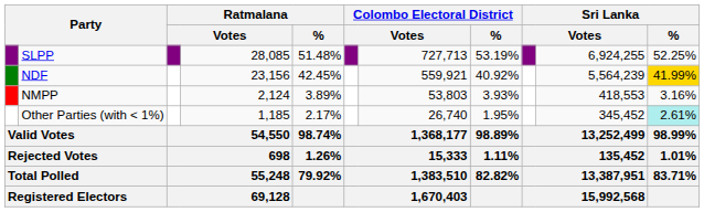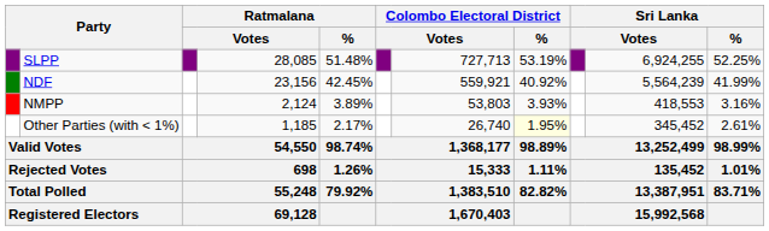 <table class="wikitable">
 <tr>
 <th colspan="2" width="144px"rowspan="2">Party</th>
 <th colspan="3" width="216px">Ratmalana</th>
 <th colspan="3" width="216px"><a href='#'>Colombo Electoral District</a></th>
 <th colspan="3" width="216px">Sri Lanka</th>
 </tr>
 <tr>
 <th colspan="2" width="144px">Votes</th>
 <th>%</th>
 <th colspan="2" width="144px">Votes</th>
 <th>%</th>
 <th colspan="2" width="144px">Votes</th>
 <th>%</th>
 </tr>
 <tr>
 <td style="background-color:purple;" width="10px"></td>
 <td style="text-align:left;"><a href='#'>SLPP</a></td>
 <td style="background-color:purple;" width="10px"></td>
 <td style="text-align:right;">28,085</td>
 <td style="text-align:right;">51.48%</td>
 <td style="background-color:purple;" width="10px"></td>
 <td style="text-align:right;">727,713</td>
 <td style="text-align:right;">53.19%</td>
 <td style="background-color:purple;" width="10px"></td>
 <td style="text-align:right;">6,924,255</td>
 <td style="text-align:right;">52.25%</td>
 </tr>
 <tr>
 <td style="background-color:green;" width="10px"></td>
 <td style="text-align:left;"><a href='#'>NDF</a></td>
 <td style="background-color:white;" width="10px"></td>
 <td style="text-align:right;">23,156</td>
 <td style="text-align:right;">42.45%</td>
 <td style="background-color:white;" width="10px"></td>
 <td style="text-align:right;">559,921</td>
 <td style="text-align:right;">40.92%</td>
 <td style="background-color:white;" width="10px"></td>
 <td style="text-align:right;">5,564,239</td>
-<td style="background: gold; text-align:right;">41.99%</td>
+<td style="text-align:right;">41.99%</td>
 </tr>
 <tr>
 <td style="background-color:red;" width="10px"></td>
 <td style="text-align:left;">NMPP</td>
 <td style="background-color:white;" width="10px"></td>
 <td style="text-align:right;">2,124</td>
 <td style="text-align:right;">3.89%</td>
 <td style="background-color:white;" width="10px"></td>
 <td style="text-align:right;">53,803</td>
 <td style="text-align:right;">3.93%</td>
 <td style="background-color:white;" width="10px"></td>
 <td style="text-align:right;">418,553</td>
 <td style="text-align:right;">3.16%</td>
 </tr>
 <tr>
 <td style="background-color:white;" width="10px"></td>
 <td style="text-align:left;">Other Parties (with < 1%)</td>
 <td style="background-color:white;" width="10px"></td>
 <td style="text-align:right;">1,185</td>
 <td style="text-align:right;">2.17%</td>
 <td style="background-color:white;" width="10px"></td>
 <td style="text-align:right;">26,740</td>
-<td style="text-align:right;">1.95%</td>
+<td style="background: lightyellow; text-align:right;">1.95%</td>
 <td style="background-color:white;" width="10px"></td>
 <td style="text-align:right;">345,452</td>
-<td style="background: paleturquoise; text-align:right;">2.61%</td>
+<td style="text-align:right;">2.61%</td>
 </tr>
 <tr>
 <th colspan="2" width="144px"style="text-align:left;">Valid Votes</th>
 <th style="text-align:right;"colspan="2" width="144px">54,550</th>
 <th style="text-align:right;">98.74%</th>
 <th style="text-align:right;"colspan="2" width="144px">1,368,177</th>
 <th style="text-align:right;">98.89%</th>
 <th style="text-align:right;"colspan="2" width="144px">13,252,499</th>
 <th style="text-align:right;">98.99%</th>
 </tr>
 <tr>
 <th colspan="2" width="144px"style="text-align:left;">Rejected Votes</th>
 <th style="text-align:right;"colspan="2" width="144px">698</th>
 <th style="text-align:right;">1.26%</th>
 <th style="text-align:right;"colspan="2" width="144px">15,333</th>
 <th style="text-align:right;">1.11%</th>
 <th style="text-align:right;"colspan="2" width="144px">135,452</th>
 <th style="text-align:right;">1.01%</th>
 </tr>
 <tr>
 <th colspan="2" width="144px"style="text-align:left;">Total Polled</th>
 <th style="text-align:right;"colspan="2" width="144px">55,248</th>
 <th style="text-align:right;">79.92%</th>
 <th style="text-align:right;"colspan="2" width="144px">1,383,510</th>
 <th style="text-align:right;">82.82%</th>
 <th style="text-align:right;"colspan="2" width="144px">13,387,951</th>
 <th style="text-align:right;">83.71%</th>
 </tr>
 <tr>
 <th colspan="2" width="144px"style="text-align:left;">Registered Electors</th>
 <th style="text-align:right;"colspan="2" width="144px">69,128</th>
 <th></th>
 <th style="text-align:right;"colspan="2" width="144px">1,670,403</th>
 <th></th>
 <th style="text-align:right;"colspan="2" width="144px">15,992,568</th>
 <th></th>
 </tr>
 </table>
